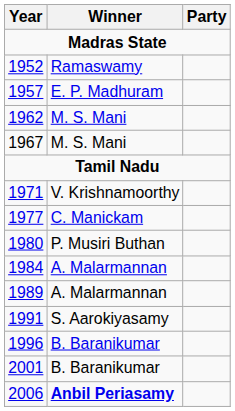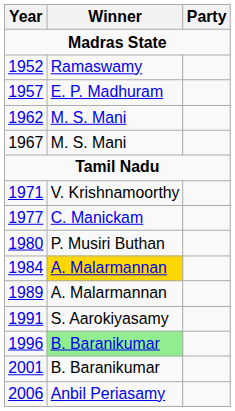 <table class="wikitable sortable">
 <tr>
 <th>Year</th>
 <th>Winner</th>
 <th colspan="2">Party</th>
 </tr>
 <tr>
 <td style="text-align: center;" colspan="4"><strong>Madras State</strong></td>
 </tr>
 <tr>
 <td><a href='#'>1952</a></td>
 <td><a href='#'>Ramaswamy</a></td>
 <td></td>
 </tr>
 <tr>
 <td><a href='#'>1957</a></td>
 <td><a href='#'>E. P. Madhuram</a></td>
 <td></td>
 </tr>
 <tr>
 <td><a href='#'>1962</a></td>
 <td><a href='#'>M. S. Mani</a></td>
 <td></td>
 </tr>
 <tr>
 <td>1967</td>
 <td>M. S. Mani</td>
 <td></td>
 </tr>
 <tr>
 <td style="text-align: center;" colspan="4"><strong>Tamil Nadu</strong></td>
 </tr>
 <tr>
 <td><a href='#'>1971</a></td>
 <td>V. Krishnamoorthy</td>
 <td></td>
 </tr>
 <tr>
 <td><a href='#'>1977</a></td>
 <td><a href='#'>C. Manickam</a></td>
 <td></td>
 </tr>
 <tr>
 <td><a href='#'>1980</a></td>
 <td>P. Musiri Buthan</td>
 <td></td>
 </tr>
 <tr>
 <td><a href='#'>1984</a></td>
-<td><a href='#'>A. Malarmannan</a></td>
+<td style="background: gold;"><a href='#'>A. Malarmannan</a></td>
 <td></td>
 </tr>
 <tr>
 <td><a href='#'>1989</a></td>
 <td>A. Malarmannan</td>
 <td></td>
 </tr>
 <tr>
 <td><a href='#'>1991</a></td>
 <td>S. Aarokiyasamy</td>
 <td></td>
 </tr>
 <tr>
 <td><a href='#'>1996</a></td>
-<td><a href='#'>B. Baranikumar</a></td>
+<td style="background: lightgreen;"><a href='#'>B. Baranikumar</a></td>
 <td></td>
 </tr>
 <tr>
 <td><a href='#'>2001</a></td>
 <td>B. Baranikumar</td>
 <td></td>
 </tr>
 <tr>
 <td><a href='#'>2006</a></td>
-<td><strong><a href='#'>Anbil Periasamy</a></strong></td>
+<td><a href='#'>Anbil Periasamy</a></td>
 <td></td>
 </tr>
 </table>
